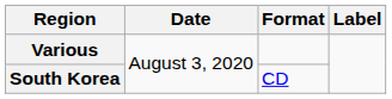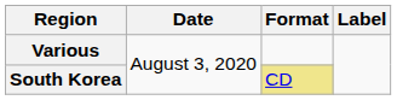 <table class="wikitable plainrowheaders">
 <tr>
 <th>Region</th>
 <th>Date</th>
 <th>Format</th>
 <th>Label</th>
 </tr>
 <tr>
 <th scope="row">Various</th>
 <td rowspan="2">August 3, 2020</td>
 <td></td>
 <td rowspan="2"></td>
 </tr>
 <tr>
 <th scope="row">South Korea</th>
-<td><a href='#'>CD</a></td>
+<td style="background: khaki;"><a href='#'>CD</a></td>
 </tr>
 </table>
